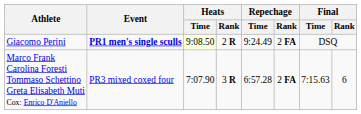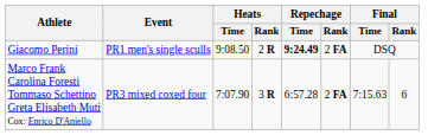 <table class="wikitable" style="font-size:90%">
 <tr>
 <th rowspan=2>Athlete</th>
 <th rowspan=2>Event</th>
 <th colspan=2>Heats</th>
 <th colspan=2>Repechage</th>
 <th colspan=2>Final</th>
 </tr>
 <tr style="font-size:95%">
 <th>Time</th>
 <th>Rank</th>
 <th>Time</th>
 <th>Rank</th>
 <th>Time</th>
 <th>Rank</th>
 </tr>
 <tr align=center>
 <td align=left><a href='#'>Giacomo Perini</a></td>
-<td align=left><strong><a href='#'>PR1 men's single sculls</a></strong></td>
+<td align=left><a href='#'>PR1 men's single sculls</a></td>
 <td style="background: lightyellow;">9:08.50</td>
 <td>2 <strong>R</strong></td>
-<td>9:24.49</td>
+<td><strong>9:24.49</strong></td>
 <td>2 <strong>FA</strong></td>
 <td colspan="2">DSQ</td>
 </tr>
 <tr align=center>
 <td align=left><a href='#'>Marco Frank</a><br><a href='#'>Carolina Foresti</a><br><a href='#'>Tommaso Schettino</a><br><a href='#'>Greta Elisabeth Muti</a><br><small>Cox: <a href='#'>Enrico D'Aniello</a></small></td>
 <td align=left><a href='#'>PR3 mixed coxed four</a></td>
 <td>7:07.90</td>
 <td>3 <strong>R</strong></td>
 <td>6:57.28</td>
 <td>2 <strong>FA</strong></td>
 <td>7:15.63</td>
 <td rowspan="1">6</td>
 </tr>
 </table>
